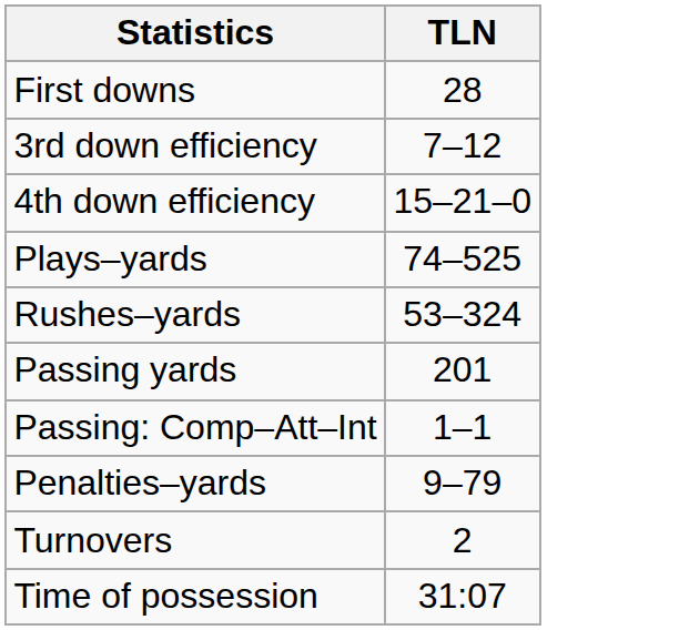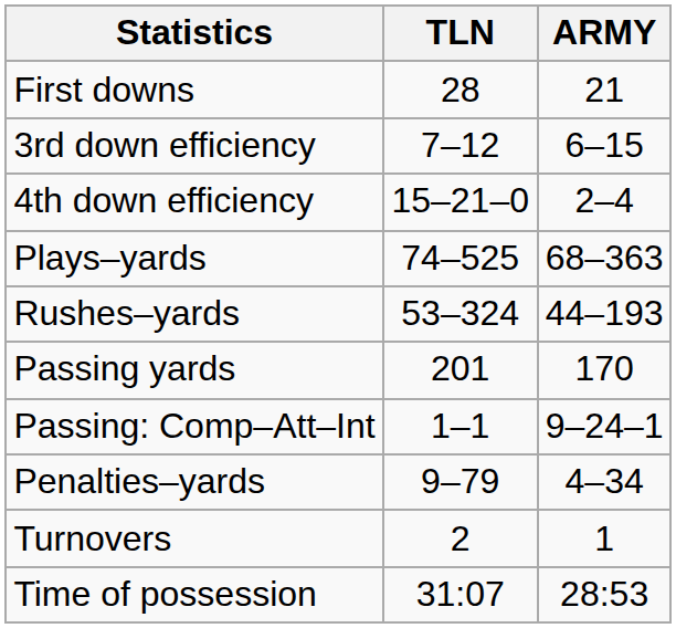 <table class="wikitable">
 <tr>
 <th>Statistics</th>
 <th>TLN</th>
+<th>ARMY</th>
 </tr>
 <tr>
 <td>First downs</td>
 <td align=center>28</td>
+<td align=center>21</td>
 </tr>
 <tr>
 <td>3rd down efficiency</td>
 <td align=center>7–12</td>
+<td align=center>6–15</td>
 </tr>
 <tr>
 <td>4th down efficiency</td>
 <td align=center>15–21–0</td>
+<td align=center>2–4</td>
 </tr>
 <tr>
 <td>Plays–yards</td>
 <td align=center>74–525</td>
+<td align=center>68–363</td>
 </tr>
 <tr>
 <td>Rushes–yards</td>
 <td align=center>53–324</td>
+<td align=center>44–193</td>
 </tr>
 <tr>
 <td>Passing yards</td>
 <td align=center>201</td>
+<td align=center>170</td>
 </tr>
 <tr>
 <td>Passing: Comp–Att–Int</td>
 <td align=center>1–1</td>
+<td align=center>9–24–1</td>
 </tr>
 <tr>
 <td>Penalties–yards</td>
 <td align=center>9–79</td>
+<td align=center>4–34</td>
 </tr>
 <tr>
 <td>Turnovers</td>
 <td align=center>2</td>
+<td align=center>1</td>
 </tr>
 <tr>
 <td>Time of possession</td>
 <td align=center>31:07</td>
+<td align=center>28:53</td>
 </tr>
 </table>
